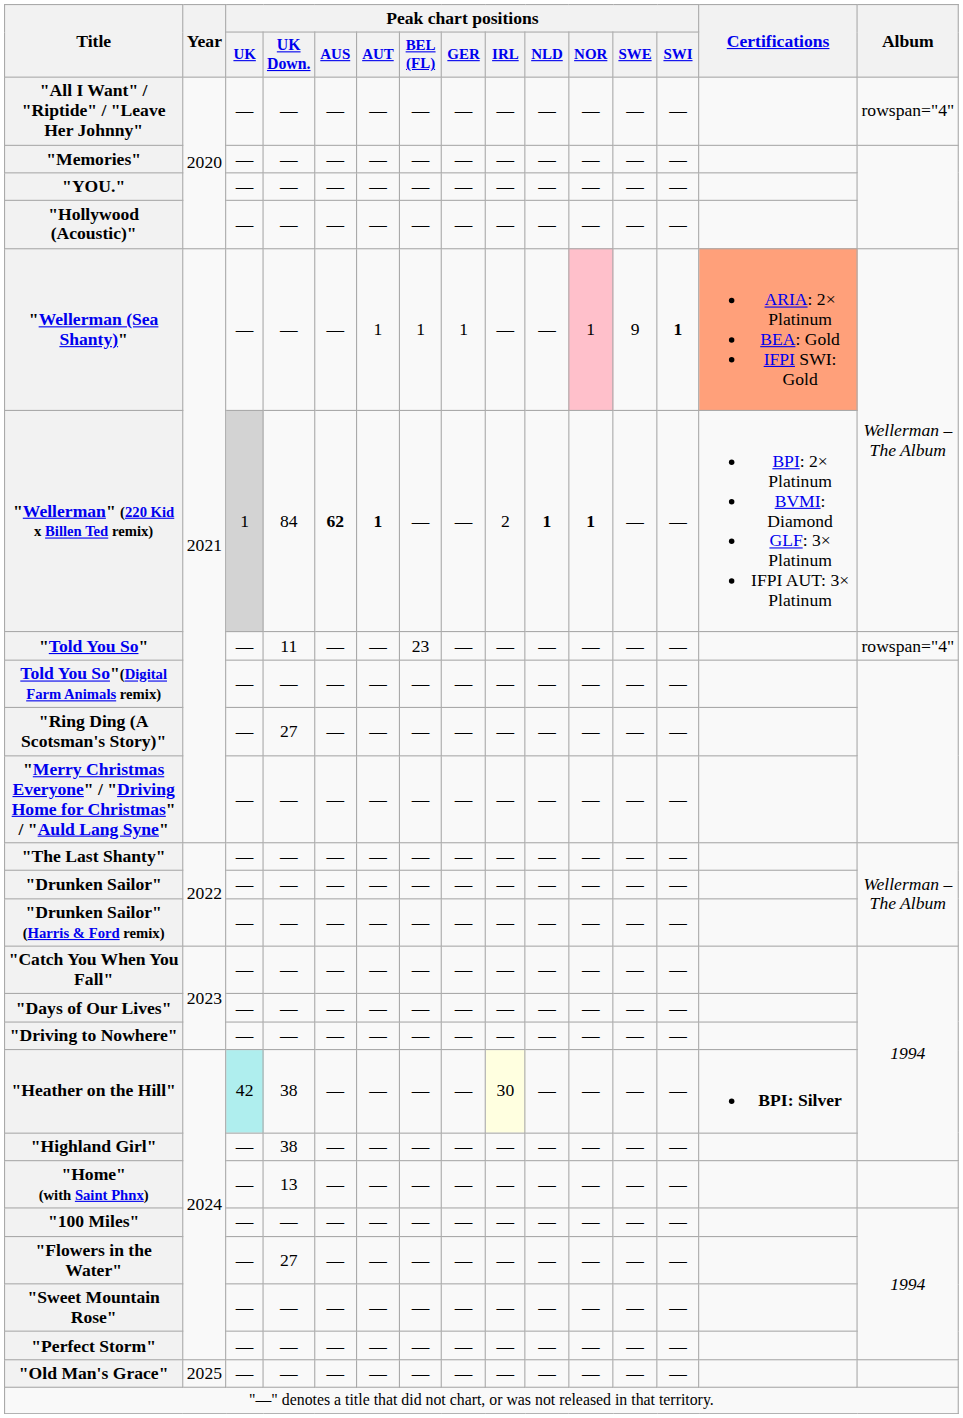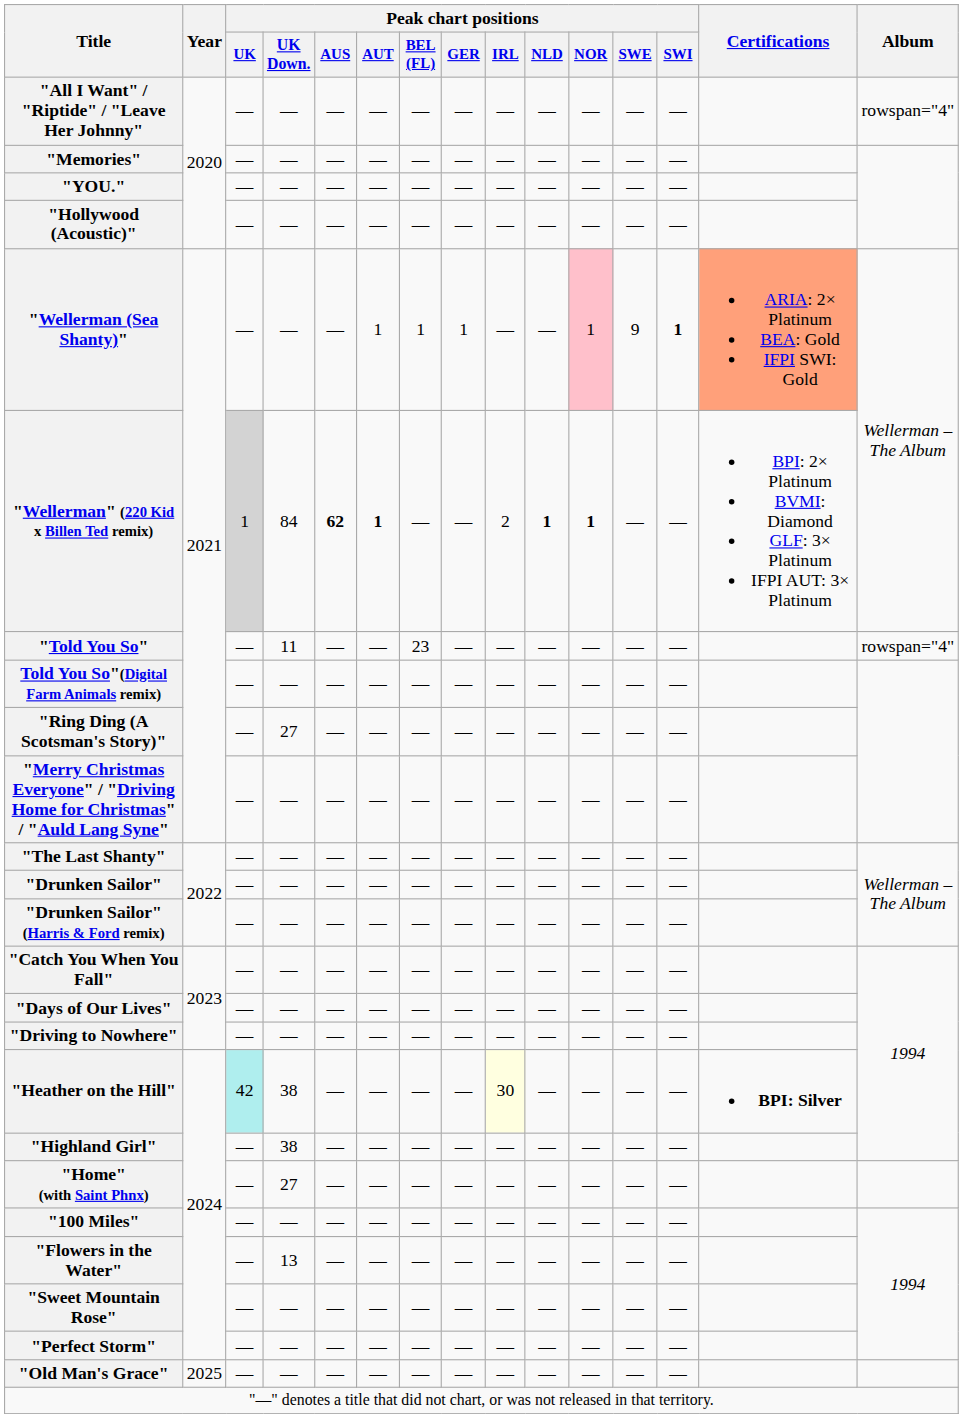 <table class="wikitable plainrowheaders" style="text-align:center;">
 <tr>
 <th scope="col" rowspan="2" style="width:17em;">Title</th>
 <th scope="col" rowspan="2">Year</th>
 <th colspan="11" scope="col">Peak chart positions</th>
 <th scope="col" rowspan="2" style="width:13em;"><a href='#'>Certifications</a></th>
 <th scope="col" rowspan="2">Album</th>
 </tr>
 <tr>
 <th scope="col" style="width:3em;font-size:85%;"><a href='#'>UK</a><br></th>
 <th scope="col" style="width:2em;font-size:90%"><a href='#'>UK Down.</a><br></th>
 <th scope="col" style="width:3em;font-size:85%;"><a href='#'>AUS</a><br></th>
 <th scope="col" style="width:3em;font-size:85%;"><a href='#'>AUT</a><br></th>
 <th scope="col" style="width:3em;font-size:85%;"><a href='#'>BEL<br>(FL)</a><br></th>
 <th scope="col" style="width:3em;font-size:85%;"><a href='#'>GER</a><br></th>
 <th scope="col" style="width:3em;font-size:85%;"><a href='#'>IRL</a><br></th>
 <th scope="col" style="width:3em;font-size:85%;"><a href='#'>NLD</a><br></th>
 <th scope="col" style="width:3em;font-size:85%;"><a href='#'>NOR</a><br></th>
 <th scope="col" style="width:3em;font-size:85%;"><a href='#'>SWE</a><br></th>
 <th scope="col" style="width:3em;font-size:85%;"><a href='#'>SWI</a><br></th>
 </tr>
 <tr>
 <th scope="row">"All I Want" / "Riptide" / "Leave Her Johnny"</th>
 <td rowspan="4">2020</td>
 <td>—</td>
 <td>—</td>
 <td>—</td>
 <td>—</td>
 <td>—</td>
 <td>—</td>
 <td>—</td>
 <td>—</td>
 <td>—</td>
 <td>—</td>
 <td>—</td>
 <td></td>
 <td>rowspan="4" </td>
 </tr>
 <tr>
 <th scope="row">"Memories"</th>
 <td>—</td>
 <td>—</td>
 <td>—</td>
 <td>—</td>
 <td>—</td>
 <td>—</td>
 <td>—</td>
 <td>—</td>
 <td>—</td>
 <td>—</td>
 <td>—</td>
 <td></td>
 </tr>
 <tr>
 <th scope="row">"YOU."</th>
 <td>—</td>
 <td>—</td>
 <td>—</td>
 <td>—</td>
 <td>—</td>
 <td>—</td>
 <td>—</td>
 <td>—</td>
 <td>—</td>
 <td>—</td>
 <td>—</td>
 <td></td>
 </tr>
 <tr>
 <th scope="row">"Hollywood (Acoustic)"</th>
 <td>—</td>
 <td>—</td>
 <td>—</td>
 <td>—</td>
 <td>—</td>
 <td>—</td>
 <td>—</td>
 <td>—</td>
 <td>—</td>
 <td>—</td>
 <td>—</td>
 <td></td>
 </tr>
 <tr>
 <th scope="row">"<a href='#'>Wellerman (Sea Shanty)</a>"</th>
 <td rowspan="6">2021</td>
 <td>—</td>
 <td>—</td>
 <td>—</td>
 <td>1</td>
 <td>1</td>
 <td>1</td>
 <td>—</td>
 <td>—</td>
 <td style="background: pink;">1</td>
 <td>9</td>
 <td><strong>1</strong></td>
 <td style="background: lightsalmon;"><br><ul><li><a href='#'>ARIA</a>: 2× Platinum</li><li><a href='#'>BEA</a>: Gold</li><li><a href='#'>IFPI</a> SWI: Gold</li></ul></td>
 <td rowspan="2"><em>Wellerman – The Album</em></td>
 </tr>
 <tr>
 <th scope="row">"<a href='#'>Wellerman</a>" <small>(<a href='#'>220 Kid</a> x <a href='#'>Billen Ted</a> remix)</small></th>
 <td style="background: lightgrey;">1</td>
 <td>84</td>
 <td><strong>62</strong></td>
 <td><strong>1</strong></td>
 <td>—</td>
 <td>—</td>
 <td>2</td>
 <td><strong>1</strong></td>
 <td><strong>1</strong></td>
 <td>—</td>
 <td>—</td>
 <td><br><ul><li><a href='#'>BPI</a>: 2× Platinum</li><li><a href='#'>BVMI</a>: Diamond</li><li><a href='#'>GLF</a>: 3× Platinum</li><li>IFPI AUT: 3× Platinum</li></ul></td>
 </tr>
 <tr>
 <th scope="row">"<a href='#'>Told You So</a>"</th>
 <td>—</td>
 <td>11</td>
 <td>—</td>
 <td>—</td>
 <td>23</td>
 <td>—</td>
 <td>—</td>
 <td>—</td>
 <td>—</td>
 <td>—</td>
 <td>—</td>
 <td></td>
 <td>rowspan="4" </td>
 </tr>
 <tr>
 <th scope="row"><a href='#'>Told You So</a>"<small>(<a href='#'>Digital Farm Animals</a> remix)</small></th>
 <td>—</td>
 <td>—</td>
 <td>—</td>
 <td>—</td>
 <td>—</td>
 <td>—</td>
 <td>—</td>
 <td>—</td>
 <td>—</td>
 <td>—</td>
 <td>—</td>
 <td></td>
 </tr>
 <tr>
 <th scope="row">"Ring Ding (A Scotsman's Story)"</th>
 <td>—</td>
 <td>27</td>
 <td>—</td>
 <td>—</td>
 <td>—</td>
 <td>—</td>
 <td>—</td>
 <td>—</td>
 <td>—</td>
 <td>—</td>
 <td>—</td>
 <td></td>
 </tr>
 <tr>
 <th scope="row">"<a href='#'>Merry Christmas Everyone</a>" / "<a href='#'>Driving Home for Christmas</a>" / "<a href='#'>Auld Lang Syne</a>"</th>
 <td>—</td>
 <td>—</td>
 <td>—</td>
 <td>—</td>
 <td>—</td>
 <td>—</td>
 <td>—</td>
 <td>—</td>
 <td>—</td>
 <td>—</td>
 <td>—</td>
 <td></td>
 </tr>
 <tr>
 <th scope="row">"The Last Shanty"</th>
 <td rowspan="3">2022</td>
 <td>—</td>
 <td>—</td>
 <td>—</td>
 <td>—</td>
 <td>—</td>
 <td>—</td>
 <td>—</td>
 <td>—</td>
 <td>—</td>
 <td>—</td>
 <td>—</td>
 <td></td>
 <td rowspan="3"><em>Wellerman – The Album</em></td>
 </tr>
 <tr>
 <th scope="row">"Drunken Sailor"</th>
 <td>—</td>
 <td>—</td>
 <td>—</td>
 <td>—</td>
 <td>—</td>
 <td>—</td>
 <td>—</td>
 <td>—</td>
 <td>—</td>
 <td>—</td>
 <td>—</td>
 <td></td>
 </tr>
 <tr>
 <th scope="row">"Drunken Sailor" <small>(<a href='#'>Harris & Ford</a> remix)</small></th>
 <td>—</td>
 <td>—</td>
 <td>—</td>
 <td>—</td>
 <td>—</td>
 <td>—</td>
 <td>—</td>
 <td>—</td>
 <td>—</td>
 <td>—</td>
 <td>—</td>
 <td></td>
 </tr>
 <tr>
 <th scope="row">"Catch You When You Fall"</th>
 <td rowspan="3">2023</td>
 <td>—</td>
 <td>—</td>
 <td>—</td>
 <td>—</td>
 <td>—</td>
 <td>—</td>
 <td>—</td>
 <td>—</td>
 <td>—</td>
 <td>—</td>
 <td>—</td>
 <td></td>
 <td rowspan="5"><em>1994</em></td>
 </tr>
 <tr>
 <th scope="row">"Days of Our Lives"</th>
 <td>—</td>
 <td>—</td>
 <td>—</td>
 <td>—</td>
 <td>—</td>
 <td>—</td>
 <td>—</td>
 <td>—</td>
 <td>—</td>
 <td>—</td>
 <td>—</td>
 <td></td>
 </tr>
 <tr>
 <th scope="row">"Driving to Nowhere"</th>
 <td>—</td>
 <td>—</td>
 <td>—</td>
 <td>—</td>
 <td>—</td>
 <td>—</td>
 <td>—</td>
 <td>—</td>
 <td>—</td>
 <td>—</td>
 <td>—</td>
 <td></td>
 </tr>
 <tr>
 <th scope="row">"Heather on the Hill"</th>
 <td rowspan="7">2024</td>
 <td style="background: paleturquoise;">42</td>
 <td>38</td>
 <td>—</td>
 <td>—</td>
 <td>—</td>
 <td>—</td>
 <td style="background: lightyellow;">30<br></td>
 <td>—</td>
 <td>—</td>
 <td>—</td>
 <td>—</td>
 <td><strong><br><ul><li>BPI: Silver</li></ul></strong></td>
 </tr>
 <tr>
 <th scope="row">"Highland Girl"</th>
 <td>—</td>
 <td>38</td>
 <td>—</td>
 <td>—</td>
 <td>—</td>
 <td>—</td>
 <td>—</td>
 <td>—</td>
 <td>—</td>
 <td>—</td>
 <td>—</td>
 <td></td>
 </tr>
 <tr>
 <th scope="row">"Home"<br><small>(with <a href='#'>Saint Phnx</a>)</small></th>
 <td>—</td>
-<td>13</td>
+<td>27</td>
 <td>—</td>
 <td>—</td>
 <td>—</td>
 <td>—</td>
 <td>—</td>
 <td>—</td>
 <td>—</td>
 <td>—</td>
 <td>—</td>
 <td></td>
 <td></td>
 </tr>
 <tr>
 <th scope="row">"100 Miles"</th>
 <td>—</td>
 <td>—</td>
 <td>—</td>
 <td>—</td>
 <td>—</td>
 <td>—</td>
 <td>—</td>
 <td>—</td>
 <td>—</td>
 <td>—</td>
 <td>—</td>
 <td></td>
 <td rowspan="4"><em>1994</em></td>
 </tr>
 <tr>
 <th scope="row">"Flowers in the Water"</th>
 <td>—</td>
-<td>27</td>
+<td>13</td>
 <td>—</td>
 <td>—</td>
 <td>—</td>
 <td>—</td>
 <td>—</td>
 <td>—</td>
 <td>—</td>
 <td>—</td>
 <td>—</td>
 <td></td>
 </tr>
 <tr>
 <th scope="row">"Sweet Mountain Rose"</th>
 <td>—</td>
 <td>—</td>
 <td>—</td>
 <td>—</td>
 <td>—</td>
 <td>—</td>
 <td>—</td>
 <td>—</td>
 <td>—</td>
 <td>—</td>
 <td>—</td>
 <td></td>
 </tr>
 <tr>
 <th scope="row">"Perfect Storm"</th>
 <td>—</td>
 <td>—</td>
 <td>—</td>
 <td>—</td>
 <td>—</td>
 <td>—</td>
 <td>—</td>
 <td>—</td>
 <td>—</td>
 <td>—</td>
 <td>—</td>
 <td></td>
 </tr>
 <tr>
 <th scope="row">"Old Man's Grace"</th>
 <td>2025</td>
 <td>—</td>
 <td>—</td>
 <td>—</td>
 <td>—</td>
 <td>—</td>
 <td>—</td>
 <td>—</td>
 <td>—</td>
 <td>—</td>
 <td>—</td>
 <td>—</td>
 <td></td>
 <td></td>
 </tr>
 <tr>
 <td colspan="21" style="font-size:90%">"—" denotes a title that did not chart, or was not released in that territory.</td>
 </tr>
 </table>
